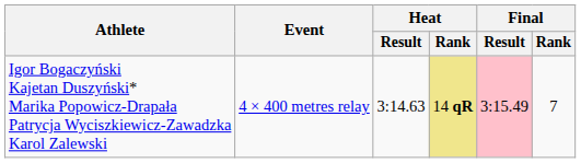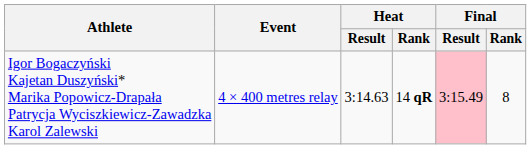 <table class="wikitable" style="font-size:90%">
 <tr>
 <th rowspan="2">Athlete</th>
 <th rowspan="2">Event</th>
 <th colspan="2">Heat</th>
 <th colspan="2">Final</th>
 </tr>
 <tr style="font-size:95%">
 <th>Result</th>
 <th>Rank</th>
 <th>Result</th>
 <th>Rank</th>
 </tr>
 <tr align=center>
 <td align=left><a href='#'>Igor Bogaczyński</a><br><a href='#'>Kajetan Duszyński</a>*<br><a href='#'>Marika Popowicz-Drapała</a><br><a href='#'>Patrycja Wyciszkiewicz-Zawadzka</a><br><a href='#'>Karol Zalewski</a></td>
 <td align=left><a href='#'>4 × 400 metres relay</a></td>
 <td>3:14.63</td>
-<td style="background: khaki;">14 <strong>qR</strong></td>
+<td>14 <strong>qR</strong></td>
 <td style="background: pink;">3:15.49</td>
-<td>7</td>
+<td>8</td>
 </tr>
 </table>
